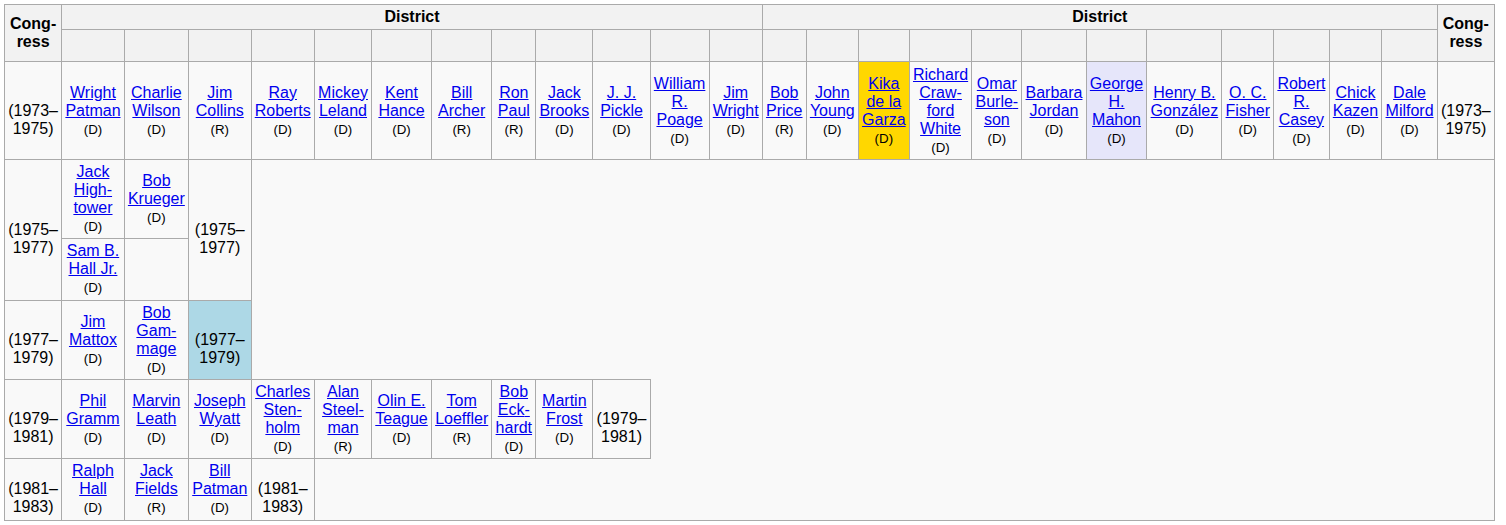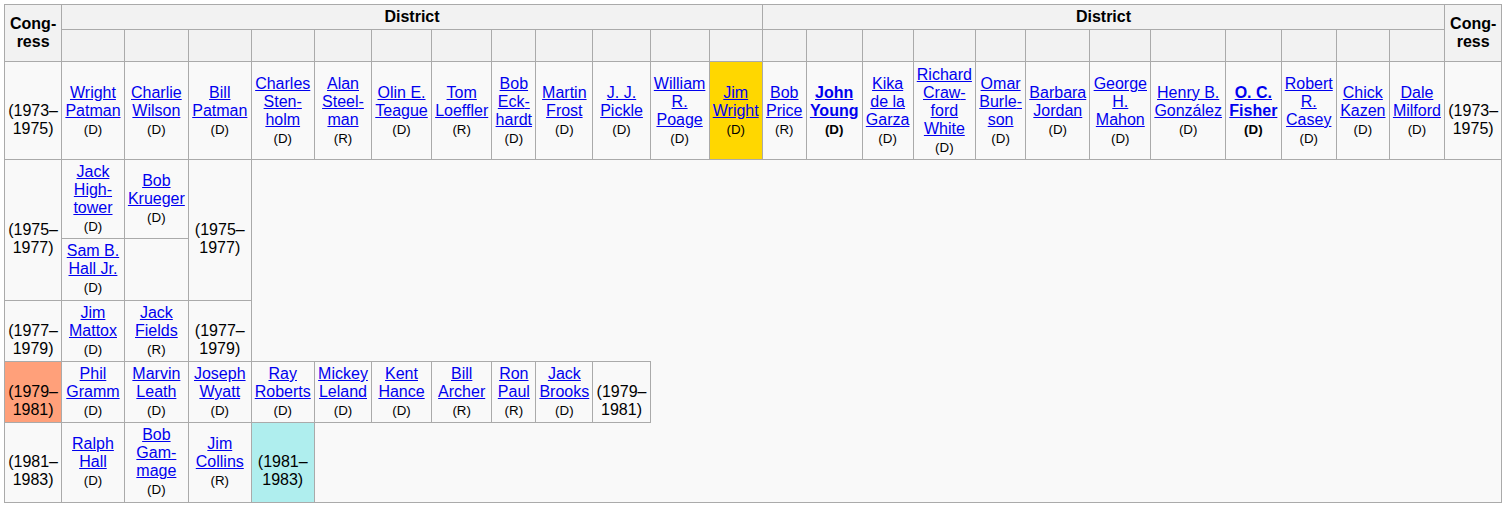 <table class=wikitable style="text-align:center">
 <tr>
 <th rowspan=2>Cong­ress</th>
 <th colspan=12>District</th>
 <th colspan=12>District</th>
 <th rowspan=2>Cong­ress</th>
 </tr>
 <tr style="height:2em">
 <th></th>
 <th></th>
 <th></th>
 <th></th>
 <th></th>
 <th></th>
 <th></th>
 <th></th>
 <th></th>
 <th></th>
 <th></th>
 <th></th>
 <th></th>
 <th></th>
 <th></th>
 <th></th>
 <th></th>
 <th></th>
 <th></th>
 <th></th>
 <th></th>
 <th></th>
 <th></th>
 <th></th>
 </tr>
 <tr style="height:2em">
 <td><strong></strong><br>(1973–1975)</td>
 <td><a href='#'>Wright Patman</a><br><small>(D)</small></td>
 <td><a href='#'>Charlie Wilson</a><br><small>(D)</small></td>
-<td><a href='#'>Jim Collins</a><br><small>(R)</small></td>
-<td><a href='#'>Ray Roberts</a><br><small>(D)</small></td>
-<td><a href='#'>Mickey Leland</a><br><small>(D)</small></td>
-<td><a href='#'>Kent Hance</a><br><small>(D)</small></td>
-<td><a href='#'>Bill Archer</a><br><small>(R)</small></td>
-<td><a href='#'>Ron Paul</a><br><small>(R)</small></td>
-<td><a href='#'>Jack Brooks</a><br><small>(D)</small></td>
+<td><a href='#'>Bill Patman</a><br><small>(D)</small></td>
+<td><a href='#'>Charles Sten­holm</a><br><small>(D)</small></td>
+<td><a href='#'>Alan Steel­man</a><br><small>(R)</small></td>
+<td><a href='#'>Olin E. Teague</a><br><small>(D)</small></td>
+<td><a href='#'>Tom Loeffler</a><br><small>(R)</small></td>
+<td><a href='#'>Bob Eck­hardt</a><br><small>(D)</small></td>
+<td><a href='#'>Martin Frost</a><br><small>(D)</small></td>
 <td><a href='#'>J. J. Pickle</a><br><small>(D)</small></td>
 <td><a href='#'>William R. Poage</a><br><small>(D)</small></td>
-<td><a href='#'>Jim Wright</a><br><small>(D)</small></td>
+<td style="background: gold;"><a href='#'>Jim Wright</a><br><small>(D)</small></td>
 <td><a href='#'>Bob Price</a><br><small>(R)</small></td>
-<td><a href='#'>John Young</a><br><small>(D)</small></td>
-<td style="background: gold;"><a href='#'>Kika de la Garza</a><br><small>(D)</small></td>
+<td><strong><a href='#'>John Young</a><br><small>(D)</small></strong></td>
+<td><a href='#'>Kika de la Garza</a><br><small>(D)</small></td>
 <td><a href='#'>Richard Craw­ford White</a><br><small>(D)</small></td>
 <td><a href='#'>Omar Burle­son</a><br><small>(D)</small></td>
 <td><a href='#'>Barbara Jordan</a><br><small>(D)</small></td>
-<td style="background: lavender;"><a href='#'>George H. Mahon</a><br><small>(D)</small></td>
+<td><a href='#'>George H. Mahon</a><br><small>(D)</small></td>
 <td><a href='#'>Henry B. González</a><br><small>(D)</small></td>
-<td><a href='#'>O. C. Fisher</a><br><small>(D)</small></td>
+<td><strong><a href='#'>O. C. Fisher</a><br><small>(D)</small></strong></td>
 <td><a href='#'>Robert R. Casey</a><br><small>(D)</small></td>
 <td><a href='#'>Chick Kazen</a><br><small>(D)</small></td>
 <td><a href='#'>Dale Milford</a><br><small>(D)</small></td>
 <td><strong></strong><br>(1973–1975)</td>
 </tr>
 <tr style="height:2em">
 <td rowspan=2><strong></strong><br>(1975–1977)</td>
 <td><a href='#'>Jack High­tower</a><br><small>(D)</small></td>
 <td><a href='#'>Bob Krueger</a><br><small>(D)</small></td>
 <td rowspan=2><strong></strong><br>(1975–1977)</td>
 </tr>
 <tr style="height:2em">
 <td><a href='#'>Sam B. Hall Jr.</a><br><small>(D)</small></td>
 </tr>
 <tr style="height:2em">
 <td><strong></strong><br>(1977–1979)</td>
 <td><a href='#'>Jim Mattox</a><br><small>(D)</small></td>
-<td><a href='#'>Bob Gam­mage</a><br><small>(D)</small></td>
-<td style="background: lightblue;"><strong></strong><br>(1977–1979)</td>
+<td><a href='#'>Jack Fields</a><br><small>(R)</small></td>
+<td><strong></strong><br>(1977–1979)</td>
 </tr>
 <tr style="height:2em">
-<td><strong></strong><br>(1979–1981)</td>
+<td style="background: lightsalmon;"><strong></strong><br>(1979–1981)</td>
 <td><a href='#'>Phil Gramm</a><br><small>(D)</small></td>
 <td><a href='#'>Marvin Leath</a><br><small>(D)</small></td>
 <td><a href='#'>Joseph Wyatt</a><br><small>(D)</small></td>
-<td><a href='#'>Charles Sten­holm</a><br><small>(D)</small></td>
-<td><a href='#'>Alan Steel­man</a><br><small>(R)</small></td>
-<td><a href='#'>Olin E. Teague</a><br><small>(D)</small></td>
-<td><a href='#'>Tom Loeffler</a><br><small>(R)</small></td>
-<td><a href='#'>Bob Eck­hardt</a><br><small>(D)</small></td>
-<td><a href='#'>Martin Frost</a><br><small>(D)</small></td>
+<td><a href='#'>Ray Roberts</a><br><small>(D)</small></td>
+<td><a href='#'>Mickey Leland</a><br><small>(D)</small></td>
+<td><a href='#'>Kent Hance</a><br><small>(D)</small></td>
+<td><a href='#'>Bill Archer</a><br><small>(R)</small></td>
+<td><a href='#'>Ron Paul</a><br><small>(R)</small></td>
+<td><a href='#'>Jack Brooks</a><br><small>(D)</small></td>
 <td><strong></strong><br>(1979–1981)</td>
 </tr>
 <tr style="height:2em">
 <td><strong></strong><br>(1981–1983)</td>
 <td><a href='#'>Ralph Hall</a><br><small>(D)</small></td>
-<td><a href='#'>Jack Fields</a><br><small>(R)</small></td>
-<td><a href='#'>Bill Patman</a><br><small>(D)</small></td>
-<td><strong></strong><br>(1981–1983)</td>
+<td><a href='#'>Bob Gam­mage</a><br><small>(D)</small></td>
+<td><a href='#'>Jim Collins</a><br><small>(R)</small></td>
+<td style="background: paleturquoise;"><strong></strong><br>(1981–1983)</td>
 </tr>
 </table>
